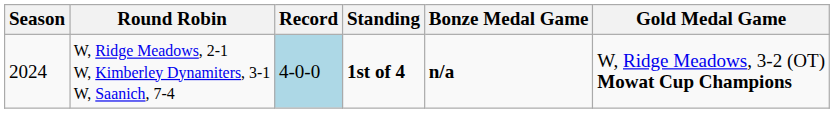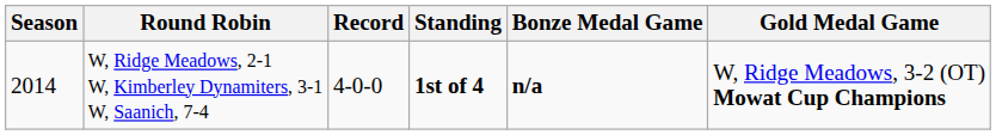 <table class="wikitable">
 <tr>
 <th>Season</th>
 <th>Round Robin</th>
 <th>Record</th>
 <th>Standing</th>
 <th>Bonze Medal Game</th>
 <th>Gold Medal Game</th>
 </tr>
 <tr>
-<td>2024</td>
+<td>2014</td>
 <td><small>W, <a href='#'>Ridge Meadows</a>, 2-1<br>W, <a href='#'>Kimberley Dynamiters</a>, 3-1<br>W, <a href='#'>Saanich</a>, 7-4</small></td>
-<td style="background: lightblue;">4-0-0</td>
+<td>4-0-0</td>
 <td><strong>1st of 4</strong></td>
 <td><strong>n/a</strong></td>
 <td>W, <a href='#'>Ridge Meadows</a>, 3-2 (OT)<br><strong>Mowat Cup Champions</strong></td>
 </tr>
 </table>
